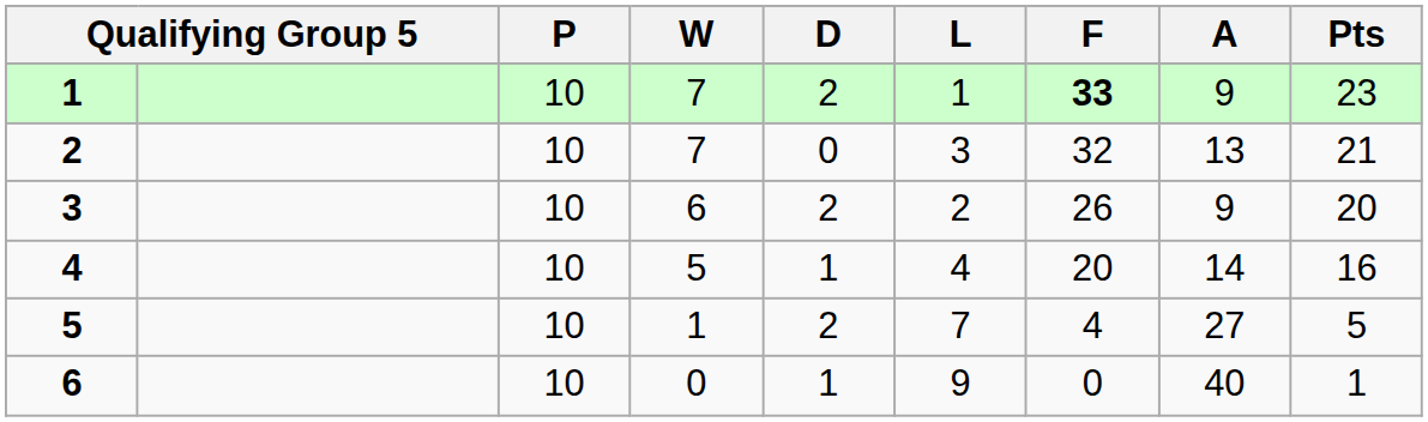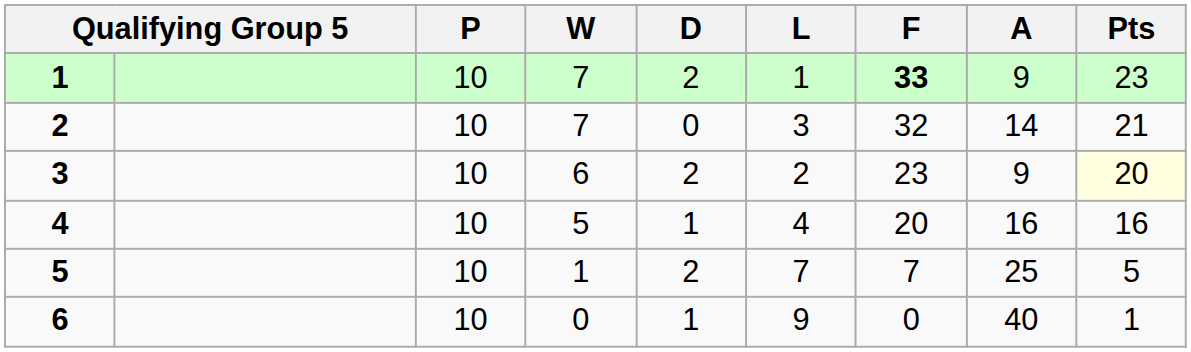 <table class="wikitable">
 <tr>
 <th colspan="2">Qualifying Group 5</th>
 <th rowspan="1" width="50">P</th>
 <th rowspan="1" width="50">W</th>
 <th colspan="1" width="50">D</th>
 <th colspan="1" width="50">L</th>
 <th colspan="1" width="50">F</th>
 <th colspan="1" width="50">A</th>
 <th colspan="1" width="50">Pts</th>
 </tr>
 <tr style="background:#ccffcc;" align=center>
 <td width="50"><strong>1</strong></td>
 <td align=left width="150" style="font-size: 85%"><strong></strong></td>
 <td>10</td>
 <td>7</td>
 <td>2</td>
 <td>1</td>
 <td><strong>33</strong></td>
 <td>9</td>
 <td>23</td>
 </tr>
 <tr align=center>
 <td><strong>2</strong></td>
 <td align=left></td>
 <td>10</td>
 <td>7</td>
 <td>0</td>
 <td>3</td>
 <td>32</td>
-<td>13</td>
+<td>14</td>
 <td>21</td>
 </tr>
 <tr align=center>
 <td><strong>3</strong></td>
 <td align=left></td>
 <td>10</td>
 <td>6</td>
 <td>2</td>
 <td>2</td>
-<td>26</td>
+<td>23</td>
 <td>9</td>
-<td>20</td>
+<td style="background: lightyellow;">20</td>
 </tr>
 <tr align=center>
 <td><strong>4</strong></td>
 <td align=left></td>
 <td>10</td>
 <td>5</td>
 <td>1</td>
 <td>4</td>
 <td>20</td>
-<td>14</td>
+<td>16</td>
 <td>16</td>
 </tr>
 <tr align=center>
 <td><strong>5</strong></td>
 <td align=left></td>
 <td>10</td>
 <td>1</td>
 <td>2</td>
 <td>7</td>
-<td>4</td>
-<td>27</td>
+<td>7</td>
+<td>25</td>
 <td>5</td>
 </tr>
 <tr align=center>
 <td><strong>6</strong></td>
 <td align=left></td>
 <td>10</td>
 <td>0</td>
 <td>1</td>
 <td>9</td>
 <td>0</td>
 <td>40</td>
 <td>1</td>
 </tr>
 </table>
